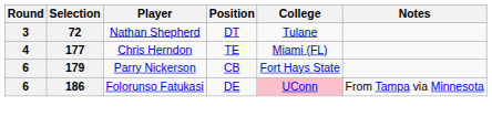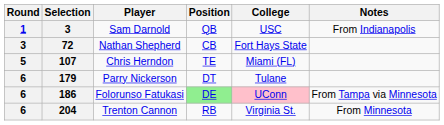 <table class="wikitable" style="text-align:center">
 <tr>
 <th>Round</th>
 <th>Selection</th>
 <th>Player</th>
 <th>Position</th>
 <th>College</th>
 <th>Notes</th>
 </tr>
 <tr>
+<th><a href='#'>1</a></th>
+<th>3</th>
+<td><a href='#'>Sam Darnold</a></td>
+<td><a href='#'>QB</a></td>
+<td><a href='#'>USC</a></td>
+<td>From <a href='#'>Indianapolis</a></td>
+</tr>
+<tr>
 <th>3</th>
 <th>72</th>
 <td><a href='#'>Nathan Shepherd</a></td>
-<td><a href='#'>DT</a></td>
-<td><a href='#'>Tulane</a></td>
+<td><a href='#'>CB</a></td>
+<td><a href='#'>Fort Hays State</a></td>
 <td></td>
 </tr>
 <tr>
-<th>4</th>
-<th>177</th>
+<th>5</th>
+<th>107</th>
 <td><a href='#'>Chris Herndon</a></td>
 <td><a href='#'>TE</a></td>
 <td><a href='#'>Miami (FL)</a></td>
 <td></td>
 </tr>
 <tr>
 <th>6</th>
 <th>179</th>
 <td><a href='#'>Parry Nickerson</a></td>
-<td><a href='#'>CB</a></td>
-<td><a href='#'>Fort Hays State</a></td>
+<td><a href='#'>DT</a></td>
+<td><a href='#'>Tulane</a></td>
 <td></td>
 </tr>
 <tr>
 <th>6</th>
 <th>186</th>
 <td><a href='#'>Folorunso Fatukasi</a></td>
-<td><a href='#'>DE</a></td>
+<td style="background: lightgreen;"><a href='#'>DE</a></td>
 <td style="background: pink;"><a href='#'>UConn</a></td>
 <td>From <a href='#'>Tampa</a> via <a href='#'>Minnesota</a></td>
 </tr>
+<tr>
+<th>6</th>
+<th>204</th>
+<td><a href='#'>Trenton Cannon</a></td>
+<td><a href='#'>RB</a></td>
+<td><a href='#'>Virginia St.</a></td>
+<td>From <a href='#'>Minnesota</a></td>
+</tr>
 </table>
